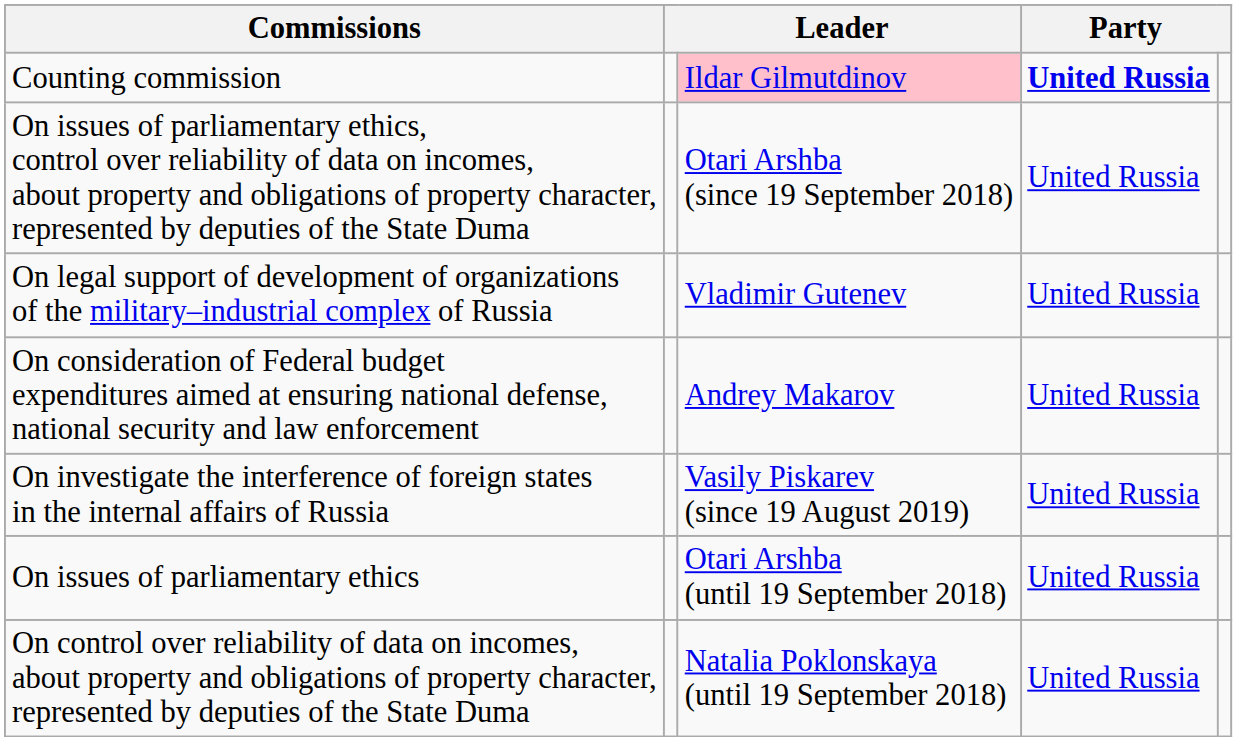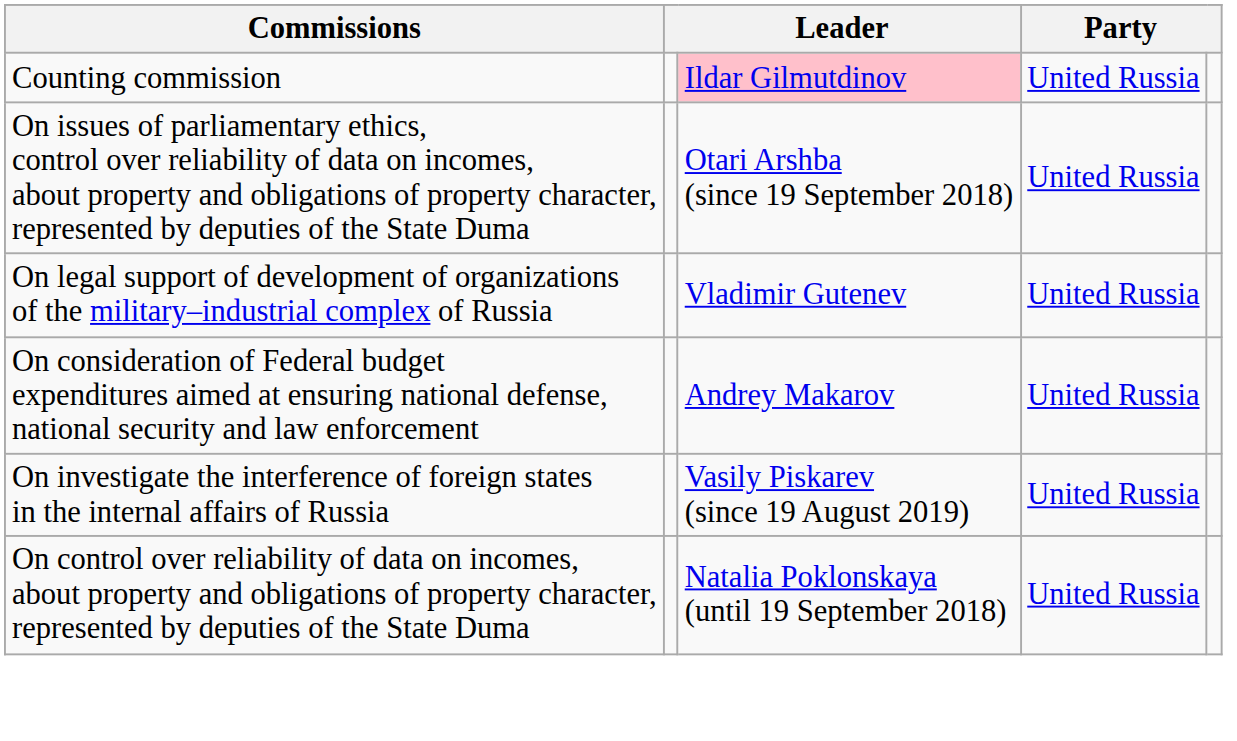 <table class="wikitable">
 <tr>
 <th>Commissions</th>
 <th colspan=2>Leader</th>
 <th colspan=2>Party</th>
 </tr>
 <tr>
 <td>Counting commission</td>
 <td style="background-color:"></td>
 <td style="background: pink;"><a href='#'>Ildar Gilmutdinov</a></td>
-<td><strong><a href='#'>United Russia</a></strong></td>
+<td><a href='#'>United Russia</a></td>
 <td style="background-color:"></td>
 </tr>
 <tr>
 <td>On issues of parliamentary ethics,<br>control over reliability of data on incomes,<br>about property and obligations of property character,<br>represented by deputies of the State Duma</td>
 <td style="background-color:"></td>
 <td><a href='#'>Otari Arshba</a><br>(since 19 September 2018)</td>
 <td><a href='#'>United Russia</a></td>
 <td style="background-color:"></td>
 </tr>
 <tr>
 <td>On legal support of development of organizations<br>of the <a href='#'>military–industrial complex</a> of Russia</td>
 <td style="background-color:"></td>
 <td><a href='#'>Vladimir Gutenev</a></td>
 <td><a href='#'>United Russia</a></td>
 <td style="background-color:"></td>
 </tr>
 <tr>
 <td>On consideration of Federal budget<br>expenditures aimed at ensuring national defense,<br>national security and law enforcement</td>
 <td style="background-color:"></td>
 <td><a href='#'>Andrey Makarov</a></td>
 <td><a href='#'>United Russia</a></td>
 <td style="background-color:"></td>
 </tr>
 <tr>
 <td>On investigate the interference of foreign states<br>in the internal affairs of Russia</td>
 <td style="background-color:"></td>
 <td><a href='#'>Vasily Piskarev</a><br>(since 19 August 2019)</td>
 <td><a href='#'>United Russia</a></td>
 <td style="background-color:"></td>
 </tr>
 <tr>
-<td>On issues of parliamentary ethics</td>
-<td style="background-color:"></td>
-<td><a href='#'>Otari Arshba</a><br>(until 19 September 2018)</td>
-<td><a href='#'>United Russia</a></td>
-<td style="background-color:"></td>
-</tr>
-<tr>
 <td>On control over reliability of data on incomes,<br>about property and obligations of property character,<br>represented by deputies of the State Duma</td>
 <td style="background-color:"></td>
 <td><a href='#'>Natalia Poklonskaya</a><br>(until 19 September 2018)</td>
 <td><a href='#'>United Russia</a></td>
 <td style="background-color:"></td>
 </tr>
 </table>
